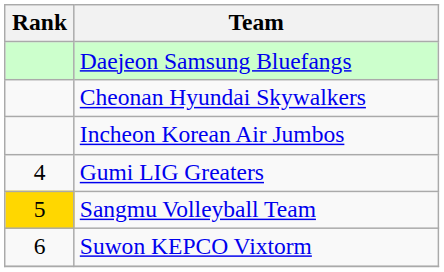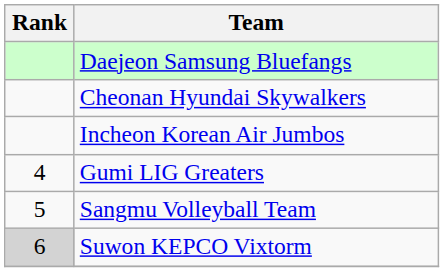 <table class="wikitable" style="text-align: center;">
 <tr>
 <th width=40>Rank</th>
 <th width=240>Team</th>
 </tr>
 <tr bgcolor=#ccffcc>
 <td></td>
 <td align=left><a href='#'>Daejeon Samsung Bluefangs</a></td>
 </tr>
 <tr>
 <td></td>
 <td align=left><a href='#'>Cheonan Hyundai Skywalkers</a></td>
 </tr>
 <tr>
 <td></td>
 <td align=left><a href='#'>Incheon Korean Air Jumbos</a></td>
 </tr>
 <tr>
 <td>4</td>
 <td align=left><a href='#'>Gumi LIG Greaters</a></td>
 </tr>
 <tr>
-<td style="background: gold;">5</td>
+<td>5</td>
 <td align=left><a href='#'>Sangmu Volleyball Team</a></td>
 </tr>
 <tr>
-<td>6</td>
+<td style="background: lightgrey;">6</td>
 <td align=left><a href='#'>Suwon KEPCO Vixtorm</a></td>
 </tr>
 <tr>
 </tr>
 </table>
